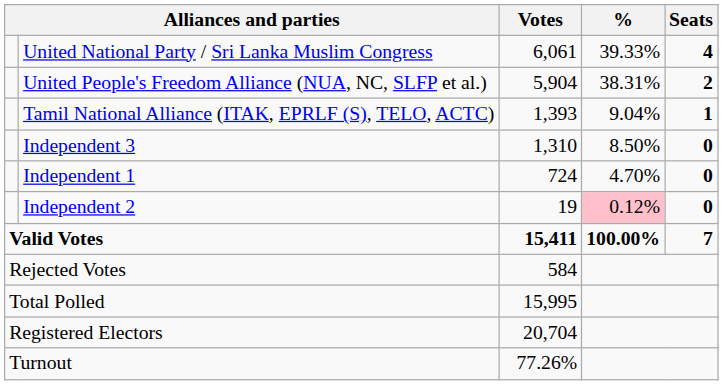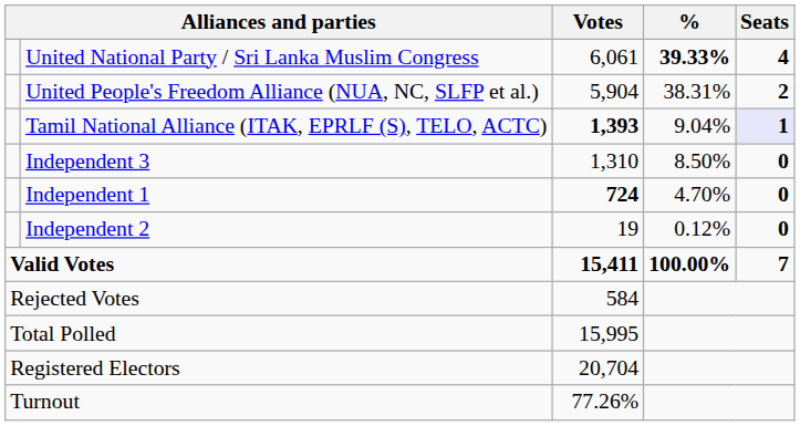 <table class="wikitable" border="1" style="text-align:right;">
 <tr>
 <th valign=bottom align=left colspan=2>Alliances and parties</th>
 <th valign=bottom align=center width="60">Votes</th>
 <th valign=bottom align=center width="50">%</th>
 <th valign=bottom align=center>Seats</th>
 </tr>
 <tr>
 <td bgcolor=> </td>
 <td align=left><a href='#'>United National Party</a> / <a href='#'>Sri Lanka Muslim Congress</a></td>
 <td>6,061</td>
-<td>39.33%</td>
+<td><strong>39.33%</strong></td>
 <td><strong>4</strong></td>
 </tr>
 <tr>
 <td bgcolor=> </td>
 <td align=left><a href='#'>United People's Freedom Alliance</a> (<a href='#'>NUA</a>, NC, <a href='#'>SLFP</a> et al.)</td>
 <td>5,904</td>
 <td>38.31%</td>
 <td><strong>2</strong></td>
 </tr>
 <tr>
 <td bgcolor=> </td>
 <td align=left><a href='#'>Tamil National Alliance</a> (<a href='#'>ITAK</a>, <a href='#'>EPRLF (S)</a>, <a href='#'>TELO</a>, <a href='#'>ACTC</a>)</td>
-<td>1,393</td>
+<td><strong>1,393</strong></td>
 <td>9.04%</td>
-<td><strong>1</strong></td>
+<td style="background: lavender;"><strong>1</strong></td>
 </tr>
 <tr>
 <td></td>
 <td align=left><a href='#'>Independent 3</a></td>
 <td>1,310</td>
 <td>8.50%</td>
 <td><strong>0</strong></td>
 </tr>
 <tr>
 <td></td>
 <td align=left><a href='#'>Independent 1</a></td>
-<td>724</td>
+<td><strong>724</strong></td>
 <td>4.70%</td>
 <td><strong>0</strong></td>
 </tr>
 <tr>
 <td></td>
 <td align=left><a href='#'>Independent 2</a></td>
 <td>19</td>
-<td style="background: pink;">0.12%</td>
+<td>0.12%</td>
 <td><strong>0</strong></td>
 </tr>
 <tr>
 <td colspan=2 align=left><strong>Valid Votes</strong></td>
 <td><strong>15,411</strong></td>
 <td><strong>100.00%</strong></td>
 <td><strong>7</strong></td>
 </tr>
 <tr>
 <td colspan=2 align=left>Rejected Votes</td>
 <td>584</td>
 <td colspan=2></td>
 </tr>
 <tr>
 <td colspan=2 align=left>Total Polled</td>
 <td>15,995</td>
 <td colspan=2></td>
 </tr>
 <tr>
 <td colspan=2 align=left>Registered Electors</td>
 <td>20,704</td>
 <td colspan=2></td>
 </tr>
 <tr>
 <td colspan=2 align=left>Turnout</td>
 <td>77.26%</td>
 <td colspan=2></td>
 </tr>
 </table>
